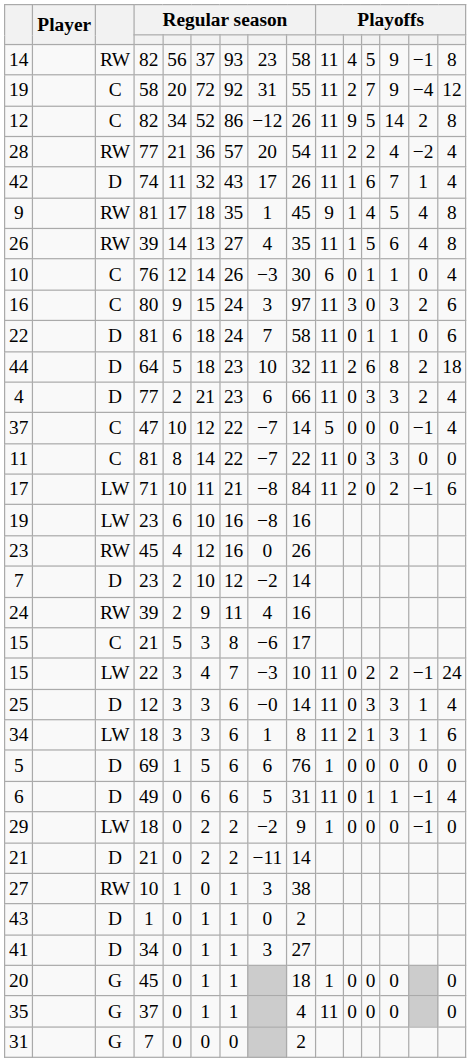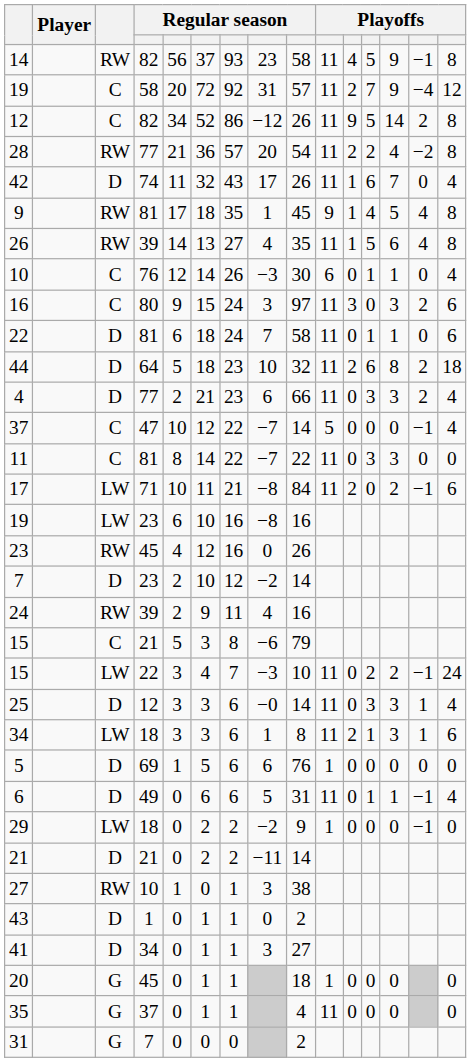 <table class="wikitable sortable plainrowheaders" style="text-align:center;">
 <tr>
 <th scope="col" data-sort-type="number" rowspan="2"></th>
 <th scope="col" rowspan="2">Player</th>
 <th scope="col" rowspan="2"></th>
 <th scope=colgroup colspan=6>Regular season</th>
 <th scope=colgroup colspan=6>Playoffs</th>
 </tr>
 <tr>
 <th scope="col" data-sort-type="number"></th>
 <th scope="col" data-sort-type="number"></th>
 <th scope="col" data-sort-type="number"></th>
 <th scope="col" data-sort-type="number"></th>
 <th scope="col" data-sort-type="number"></th>
 <th scope="col" data-sort-type="number"></th>
 <th scope="col" data-sort-type="number"></th>
 <th scope="col" data-sort-type="number"></th>
 <th scope="col" data-sort-type="number"></th>
 <th scope="col" data-sort-type="number"></th>
 <th scope="col" data-sort-type="number"></th>
 <th scope="col" data-sort-type="number"></th>
 </tr>
 <tr>
 <td scope="row">14</td>
 <td align="left"></td>
 <td>RW</td>
 <td>82</td>
 <td>56</td>
 <td>37</td>
 <td>93</td>
 <td>23</td>
 <td>58</td>
 <td>11</td>
 <td>4</td>
 <td>5</td>
 <td>9</td>
 <td>−1</td>
 <td>8</td>
 </tr>
 <tr>
 <td scope="row">19</td>
 <td align="left"></td>
 <td>C</td>
 <td>58</td>
 <td>20</td>
 <td>72</td>
 <td>92</td>
 <td>31</td>
-<td>55</td>
+<td>57</td>
 <td>11</td>
 <td>2</td>
 <td>7</td>
 <td>9</td>
 <td>−4</td>
 <td>12</td>
 </tr>
 <tr>
 <td scope="row">12</td>
 <td align="left"></td>
 <td>C</td>
 <td>82</td>
 <td>34</td>
 <td>52</td>
 <td>86</td>
 <td>−12</td>
 <td>26</td>
 <td>11</td>
 <td>9</td>
 <td>5</td>
 <td>14</td>
 <td>2</td>
 <td>8</td>
 </tr>
 <tr>
 <td scope="row">28</td>
 <td align="left"></td>
 <td>RW</td>
 <td>77</td>
 <td>21</td>
 <td>36</td>
 <td>57</td>
 <td>20</td>
 <td>54</td>
 <td>11</td>
 <td>2</td>
 <td>2</td>
 <td>4</td>
 <td>−2</td>
-<td>4</td>
+<td>8</td>
 </tr>
 <tr>
 <td scope="row">42</td>
 <td align="left"></td>
 <td>D</td>
 <td>74</td>
 <td>11</td>
 <td>32</td>
 <td>43</td>
 <td>17</td>
 <td>26</td>
 <td>11</td>
 <td>1</td>
 <td>6</td>
 <td>7</td>
-<td>1</td>
+<td>0</td>
 <td>4</td>
 </tr>
 <tr>
 <td scope="row">9</td>
 <td align="left"></td>
 <td>RW</td>
 <td>81</td>
 <td>17</td>
 <td>18</td>
 <td>35</td>
 <td>1</td>
 <td>45</td>
 <td>9</td>
 <td>1</td>
 <td>4</td>
 <td>5</td>
 <td>4</td>
 <td>8</td>
 </tr>
 <tr>
 <td scope="row">26</td>
 <td align="left"></td>
 <td>RW</td>
 <td>39</td>
 <td>14</td>
 <td>13</td>
 <td>27</td>
 <td>4</td>
 <td>35</td>
 <td>11</td>
 <td>1</td>
 <td>5</td>
 <td>6</td>
 <td>4</td>
 <td>8</td>
 </tr>
 <tr>
 <td scope="row">10</td>
 <td align="left"></td>
 <td>C</td>
 <td>76</td>
 <td>12</td>
 <td>14</td>
 <td>26</td>
 <td>−3</td>
 <td>30</td>
 <td>6</td>
 <td>0</td>
 <td>1</td>
 <td>1</td>
 <td>0</td>
 <td>4</td>
 </tr>
 <tr>
 <td scope="row">16</td>
 <td align="left"></td>
 <td>C</td>
 <td>80</td>
 <td>9</td>
 <td>15</td>
 <td>24</td>
 <td>3</td>
 <td>97</td>
 <td>11</td>
 <td>3</td>
 <td>0</td>
 <td>3</td>
 <td>2</td>
 <td>6</td>
 </tr>
 <tr>
 <td scope="row">22</td>
 <td align="left"></td>
 <td>D</td>
 <td>81</td>
 <td>6</td>
 <td>18</td>
 <td>24</td>
 <td>7</td>
 <td>58</td>
 <td>11</td>
 <td>0</td>
 <td>1</td>
 <td>1</td>
 <td>0</td>
 <td>6</td>
 </tr>
 <tr>
 <td scope="row">44</td>
 <td align="left"></td>
 <td>D</td>
 <td>64</td>
 <td>5</td>
 <td>18</td>
 <td>23</td>
 <td>10</td>
 <td>32</td>
 <td>11</td>
 <td>2</td>
 <td>6</td>
 <td>8</td>
 <td>2</td>
 <td>18</td>
 </tr>
 <tr>
 <td scope="row">4</td>
 <td align="left"></td>
 <td>D</td>
 <td>77</td>
 <td>2</td>
 <td>21</td>
 <td>23</td>
 <td>6</td>
 <td>66</td>
 <td>11</td>
 <td>0</td>
 <td>3</td>
 <td>3</td>
 <td>2</td>
 <td>4</td>
 </tr>
 <tr>
 <td scope="row">37</td>
 <td align="left"></td>
 <td>C</td>
 <td>47</td>
 <td>10</td>
 <td>12</td>
 <td>22</td>
 <td>−7</td>
 <td>14</td>
 <td>5</td>
 <td>0</td>
 <td>0</td>
 <td>0</td>
 <td>−1</td>
 <td>4</td>
 </tr>
 <tr>
 <td scope="row">11</td>
 <td align="left"></td>
 <td>C</td>
 <td>81</td>
 <td>8</td>
 <td>14</td>
 <td>22</td>
 <td>−7</td>
 <td>22</td>
 <td>11</td>
 <td>0</td>
 <td>3</td>
 <td>3</td>
 <td>0</td>
 <td>0</td>
 </tr>
 <tr>
 <td scope="row">17</td>
 <td align="left"></td>
 <td>LW</td>
 <td>71</td>
 <td>10</td>
 <td>11</td>
 <td>21</td>
 <td>−8</td>
 <td>84</td>
 <td>11</td>
 <td>2</td>
 <td>0</td>
 <td>2</td>
 <td>−1</td>
 <td>6</td>
 </tr>
 <tr>
 <td scope="row">19</td>
 <td align="left"></td>
 <td>LW</td>
 <td>23</td>
 <td>6</td>
 <td>10</td>
 <td>16</td>
 <td>−8</td>
 <td>16</td>
 <td></td>
 <td></td>
 <td></td>
 <td></td>
 <td></td>
 <td></td>
 </tr>
 <tr>
 <td scope="row">23</td>
 <td align="left"></td>
 <td>RW</td>
 <td>45</td>
 <td>4</td>
 <td>12</td>
 <td>16</td>
 <td>0</td>
 <td>26</td>
 <td></td>
 <td></td>
 <td></td>
 <td></td>
 <td></td>
 <td></td>
 </tr>
 <tr>
 <td scope="row">7</td>
 <td align="left"></td>
 <td>D</td>
 <td>23</td>
 <td>2</td>
 <td>10</td>
 <td>12</td>
 <td>−2</td>
 <td>14</td>
 <td></td>
 <td></td>
 <td></td>
 <td></td>
 <td></td>
 <td></td>
 </tr>
 <tr>
 <td scope="row">24</td>
 <td align="left"></td>
 <td>RW</td>
 <td>39</td>
 <td>2</td>
 <td>9</td>
 <td>11</td>
 <td>4</td>
 <td>16</td>
 <td></td>
 <td></td>
 <td></td>
 <td></td>
 <td></td>
 <td></td>
 </tr>
 <tr>
 <td scope="row">15</td>
 <td align="left"></td>
 <td>C</td>
 <td>21</td>
 <td>5</td>
 <td>3</td>
 <td>8</td>
 <td>−6</td>
-<td>17</td>
+<td>79</td>
 <td></td>
 <td></td>
 <td></td>
 <td></td>
 <td></td>
 <td></td>
 </tr>
 <tr>
 <td scope="row">15</td>
 <td align="left"></td>
 <td>LW</td>
 <td>22</td>
 <td>3</td>
 <td>4</td>
 <td>7</td>
 <td>−3</td>
 <td>10</td>
 <td>11</td>
 <td>0</td>
 <td>2</td>
 <td>2</td>
 <td>−1</td>
 <td>24</td>
 </tr>
 <tr>
 <td scope="row">25</td>
 <td align="left"></td>
 <td>D</td>
 <td>12</td>
 <td>3</td>
 <td>3</td>
 <td>6</td>
 <td>−0</td>
 <td>14</td>
 <td>11</td>
 <td>0</td>
 <td>3</td>
 <td>3</td>
 <td>1</td>
 <td>4</td>
 </tr>
 <tr>
 <td scope="row">34</td>
 <td align="left"></td>
 <td>LW</td>
 <td>18</td>
 <td>3</td>
 <td>3</td>
 <td>6</td>
 <td>1</td>
 <td>8</td>
 <td>11</td>
 <td>2</td>
 <td>1</td>
 <td>3</td>
 <td>1</td>
 <td>6</td>
 </tr>
 <tr>
 <td scope="row">5</td>
 <td align="left"></td>
 <td>D</td>
 <td>69</td>
 <td>1</td>
 <td>5</td>
 <td>6</td>
 <td>6</td>
 <td>76</td>
 <td>1</td>
 <td>0</td>
 <td>0</td>
 <td>0</td>
 <td>0</td>
 <td>0</td>
 </tr>
 <tr>
 <td scope="row">6</td>
 <td align="left"></td>
 <td>D</td>
 <td>49</td>
 <td>0</td>
 <td>6</td>
 <td>6</td>
 <td>5</td>
 <td>31</td>
 <td>11</td>
 <td>0</td>
 <td>1</td>
 <td>1</td>
 <td>−1</td>
 <td>4</td>
 </tr>
 <tr>
 <td scope="row">29</td>
 <td align="left"></td>
 <td>LW</td>
 <td>18</td>
 <td>0</td>
 <td>2</td>
 <td>2</td>
 <td>−2</td>
 <td>9</td>
 <td>1</td>
 <td>0</td>
 <td>0</td>
 <td>0</td>
 <td>−1</td>
 <td>0</td>
 </tr>
 <tr>
 <td scope="row">21</td>
 <td align="left"></td>
 <td>D</td>
 <td>21</td>
 <td>0</td>
 <td>2</td>
 <td>2</td>
 <td>−11</td>
 <td>14</td>
 <td></td>
 <td></td>
 <td></td>
 <td></td>
 <td></td>
 <td></td>
 </tr>
 <tr>
 <td scope="row">27</td>
 <td align="left"></td>
 <td>RW</td>
 <td>10</td>
 <td>1</td>
 <td>0</td>
 <td>1</td>
 <td>3</td>
 <td>38</td>
 <td></td>
 <td></td>
 <td></td>
 <td></td>
 <td></td>
 <td></td>
 </tr>
 <tr>
 <td scope="row">43</td>
 <td align="left"></td>
 <td>D</td>
 <td>1</td>
 <td>0</td>
 <td>1</td>
 <td>1</td>
 <td>0</td>
 <td>2</td>
 <td></td>
 <td></td>
 <td></td>
 <td></td>
 <td></td>
 <td></td>
 </tr>
 <tr>
 <td scope="row">41</td>
 <td align="left"></td>
 <td>D</td>
 <td>34</td>
 <td>0</td>
 <td>1</td>
 <td>1</td>
 <td>3</td>
 <td>27</td>
 <td></td>
 <td></td>
 <td></td>
 <td></td>
 <td></td>
 <td></td>
 </tr>
 <tr>
 <td scope="row">20</td>
 <td align="left"></td>
 <td>G</td>
 <td>45</td>
 <td>0</td>
 <td>1</td>
 <td>1</td>
 <td style="background:#ccc"></td>
 <td>18</td>
 <td>1</td>
 <td>0</td>
 <td>0</td>
 <td>0</td>
 <td style="background:#ccc"></td>
 <td>0</td>
 </tr>
 <tr>
 <td scope="row">35</td>
 <td align="left"></td>
 <td>G</td>
 <td>37</td>
 <td>0</td>
 <td>1</td>
 <td>1</td>
 <td style="background:#ccc"></td>
 <td>4</td>
 <td>11</td>
 <td>0</td>
 <td>0</td>
 <td>0</td>
 <td style="background:#ccc"></td>
 <td>0</td>
 </tr>
 <tr>
 <td scope="row">31</td>
 <td align="left"></td>
 <td>G</td>
 <td>7</td>
 <td>0</td>
 <td>0</td>
 <td>0</td>
 <td style="background:#ccc"></td>
 <td>2</td>
 <td></td>
 <td></td>
 <td></td>
 <td></td>
 <td></td>
 <td></td>
 </tr>
 </table>
